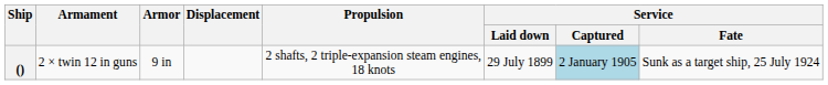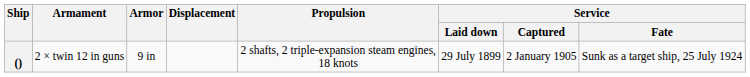 <table class="wikitable plainrowheaders" style="text-align: center;">
 <tr valign="top">
 <th scope="col" rowspan="2">Ship</th>
 <th scope="col" rowspan="2">Armament</th>
 <th scope="col" rowspan="2">Armor</th>
 <th scope="col" rowspan="2">Displacement</th>
 <th scope="col" rowspan="2">Propulsion</th>
 <th scope="col" colspan="3">Service</th>
 </tr>
 <tr valign="top">
 <th scope="col">Laid down</th>
 <th scope="col">Captured</th>
 <th scope="col">Fate</th>
 </tr>
 <tr valign="center">
 <th scope="row"><br>()</th>
 <td>2 × twin 12 in guns</td>
 <td>9 in</td>
 <td></td>
 <td>2 shafts, 2 triple-expansion steam engines,<br>18 knots</td>
 <td>29 July 1899</td>
-<td style="background: lightblue;">2 January 1905</td>
+<td>2 January 1905</td>
 <td>Sunk as a target ship, 25 July 1924</td>
 </tr>
 </table>
